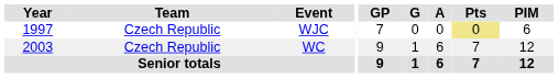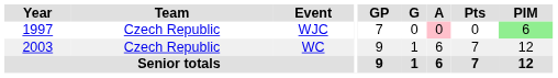 <table border="0" cellpadding="1" cellspacing="0" ID="Table3" style="text-align:center; width:40em">
 <tr ALIGN="center" bgcolor="#e0e0e0">
 <th>Year</th>
 <th>Team</th>
 <th>Event</th>
 <th rowspan="99" bgcolor="#ffffff"></th>
 <th>GP</th>
 <th>G</th>
 <th>A</th>
 <th>Pts</th>
 <th>PIM</th>
 </tr>
 <tr>
 <td><a href='#'>1997</a></td>
 <td><a href='#'>Czech Republic</a></td>
 <td><a href='#'>WJC</a></td>
 <td>7</td>
 <td>0</td>
+<td style="background: pink;">0</td>
 <td>0</td>
-<td style="background: khaki;">0</td>
-<td>6</td>
+<td style="background: lightgreen;">6</td>
 </tr>
 <tr bgcolor="#f0f0f0">
 <td><a href='#'>2003</a></td>
 <td><a href='#'>Czech Republic</a></td>
 <td><a href='#'>WC</a></td>
 <td>9</td>
 <td>1</td>
 <td>6</td>
 <td>7</td>
 <td>12</td>
 </tr>
 <tr bgcolor="#e0e0e0">
 <th colspan="3">Senior totals</th>
 <th>9</th>
 <th>1</th>
 <th>6</th>
 <th>7</th>
 <th>12</th>
 </tr>
 </table>
